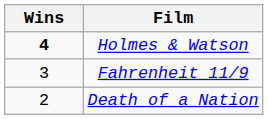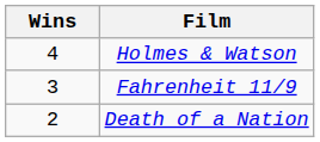 <table class="wikitable sortable" style="text-align:center;">
 <tr>
 <th scope="col" width="55">Wins</th>
 <th scope="col" align="center">Film</th>
 </tr>
 <tr>
-<td><strong>4</strong></td>
+<td>4</td>
 <td><em><a href='#'>Holmes & Watson</a></em></td>
 </tr>
 <tr>
 <td>3</td>
 <td><em><a href='#'>Fahrenheit 11/9</a></em></td>
 </tr>
 <tr>
 <td>2</td>
 <td><em><a href='#'>Death of a Nation</a></em></td>
 </tr>
 </table>
